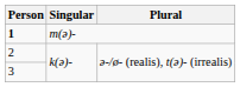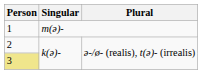 <table class="wikitable">
 <tr>
 <th>Person</th>
 <th>Singular</th>
 <th>Plural</th>
 </tr>
 <tr>
-<td><strong>1</strong></td>
+<td>1</td>
 <td colspan="2"><em>m(ə)-</em></td>
 </tr>
 <tr>
 <td>2</td>
 <td rowspan="2"><em>k(ə)-</em></td>
 <td rowspan="2"><em>ə-/ø-</em> (realis), <em>t(ə)</em>- (irrealis)</td>
 </tr>
 <tr>
-<td>3</td>
+<td style="background: khaki;">3</td>
 </tr>
 </table>
